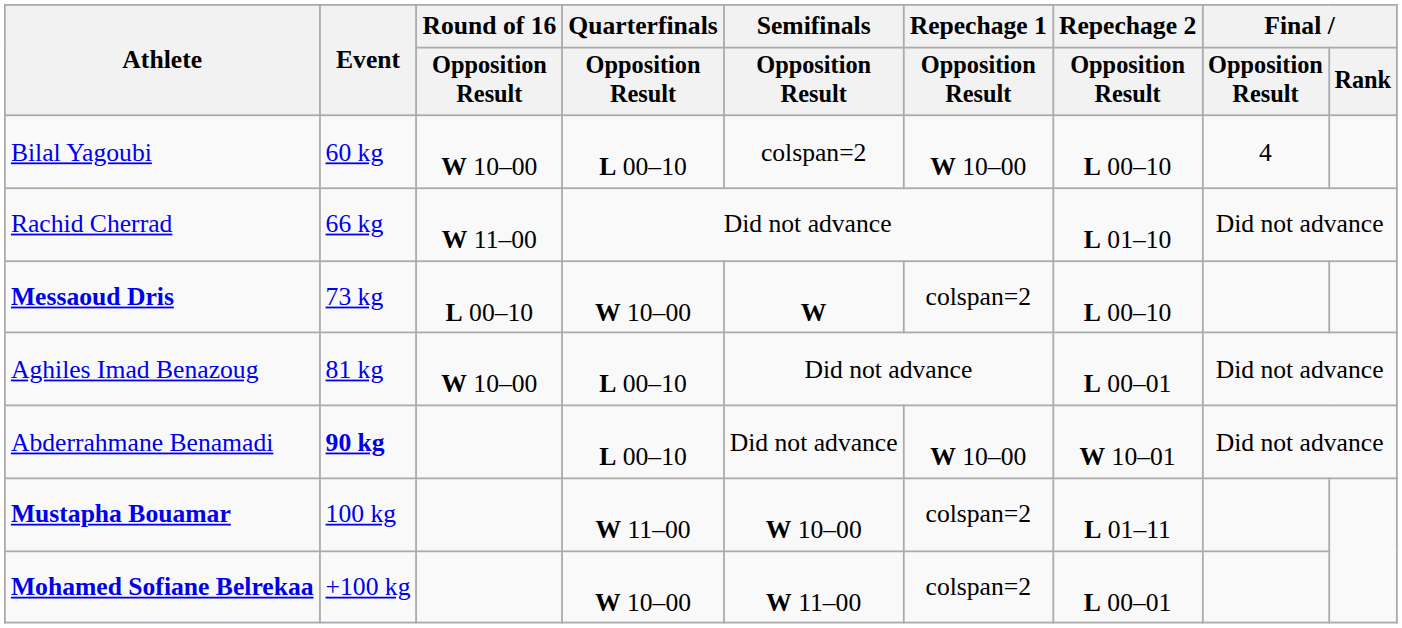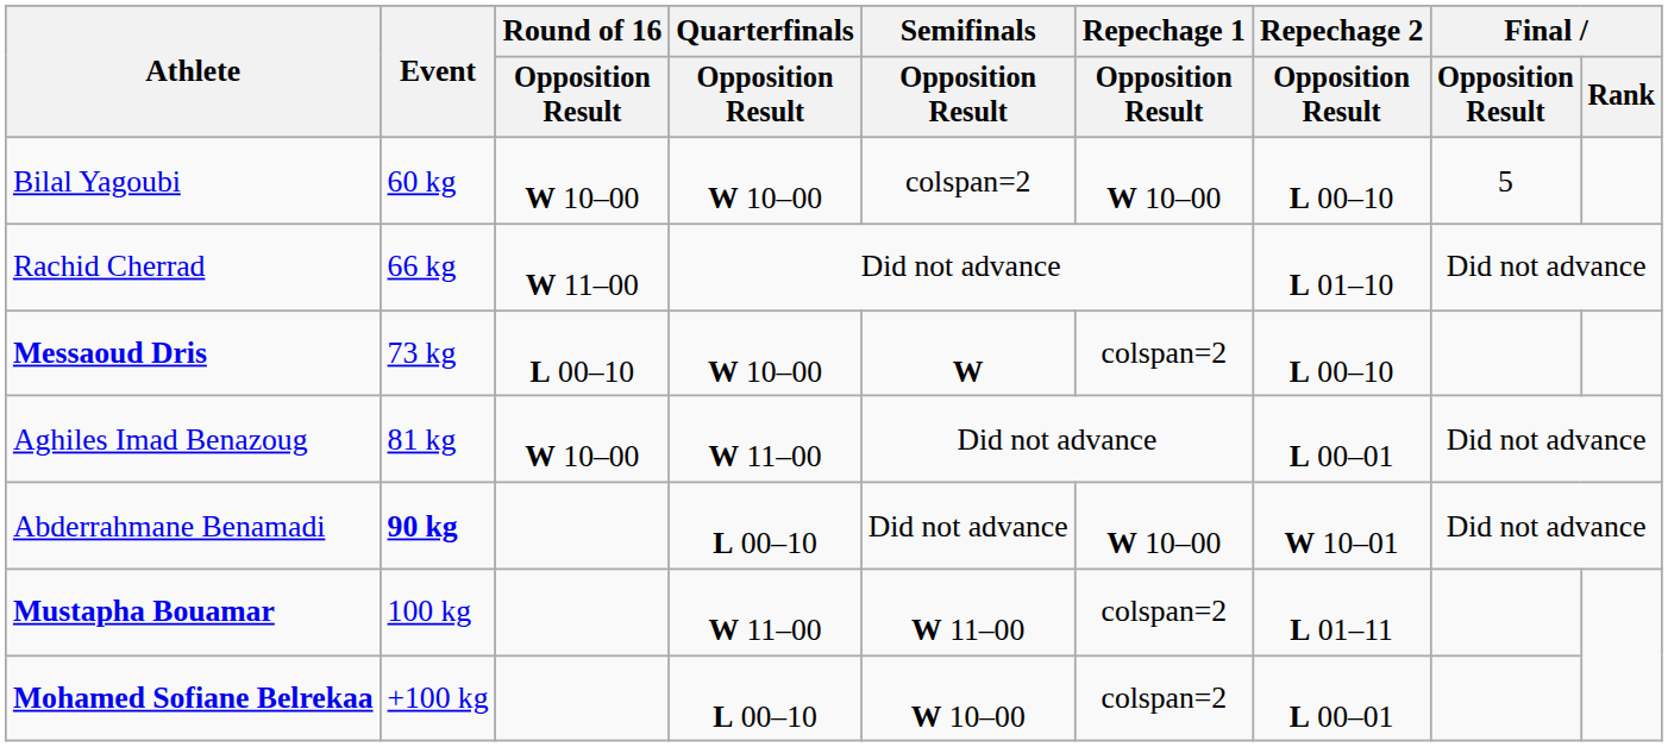 <table class="wikitable" style="font-size:90%">
 <tr>
 <th rowspan="2">Athlete</th>
 <th rowspan="2">Event</th>
 <th>Round of 16</th>
 <th>Quarterfinals</th>
 <th>Semifinals</th>
 <th>Repechage 1</th>
 <th>Repechage 2</th>
 <th colspan=2>Final / </th>
 </tr>
 <tr style="font-size:95%">
 <th>Opposition<br>Result</th>
 <th>Opposition<br>Result</th>
 <th>Opposition<br>Result</th>
 <th>Opposition<br>Result</th>
 <th>Opposition<br>Result</th>
 <th>Opposition<br>Result</th>
 <th>Rank</th>
 </tr>
 <tr align=center>
 <td align=left><a href='#'>Bilal Yagoubi</a></td>
 <td align=left><a href='#'>60 kg</a></td>
 <td><br><strong>W</strong> 10–00</td>
-<td><br><strong>L</strong> 00–10</td>
+<td><br><strong>W</strong> 10–00</td>
 <td>colspan=2 </td>
 <td><br><strong>W</strong> 10–00</td>
 <td><br><strong>L</strong> 00–10</td>
-<td>4</td>
+<td>5</td>
 </tr>
 <tr align=center>
 <td align=left><a href='#'>Rachid Cherrad</a></td>
 <td align=left><a href='#'>66 kg</a></td>
 <td><br><strong>W</strong> 11–00</td>
 <td colspan=3>Did not advance</td>
 <td><br><strong>L</strong> 01–10</td>
 <td colspan=2>Did not advance</td>
 </tr>
 <tr align=center>
 <td align=left><strong><a href='#'>Messaoud Dris</a></strong></td>
 <td align=left><a href='#'>73 kg</a></td>
 <td><br><strong>L</strong> 00–10</td>
 <td><br><strong>W</strong> 10–00</td>
 <td><br><strong>W</strong></td>
 <td>colspan=2 </td>
 <td><br><strong>L</strong> 00–10</td>
 <td></td>
 </tr>
 <tr align=center>
 <td align=left><a href='#'>Aghiles Imad Benazoug</a></td>
 <td align=left><a href='#'>81 kg</a></td>
 <td><br><strong>W</strong> 10–00</td>
-<td><br><strong>L</strong> 00–10</td>
+<td><br><strong>W</strong> 11–00</td>
 <td colspan=2>Did not advance</td>
 <td><br><strong>L</strong> 00–01</td>
 <td colspan=2>Did not advance</td>
 </tr>
 <tr align=center>
 <td align=left><a href='#'>Abderrahmane Benamadi</a></td>
 <td align=left><strong><a href='#'>90 kg</a></strong></td>
 <td></td>
 <td><br><strong>L</strong> 00–10</td>
 <td>Did not advance</td>
 <td><br><strong>W</strong> 10–00</td>
 <td><br><strong>W</strong> 10–01</td>
 <td colspan=2>Did not advance</td>
 </tr>
 <tr align=center>
 <td align=left><strong><a href='#'>Mustapha Bouamar</a></strong></td>
 <td align=left><a href='#'>100 kg</a></td>
 <td></td>
 <td><br><strong>W</strong> 11–00</td>
-<td><br><strong>W</strong> 10–00</td>
+<td><br><strong>W</strong> 11–00</td>
 <td>colspan=2 </td>
 <td><br><strong>L</strong> 01–11</td>
 <td></td>
 </tr>
 <tr align=center>
 <td align=left><strong><a href='#'>Mohamed Sofiane Belrekaa</a></strong></td>
 <td align=left><a href='#'>+100 kg</a></td>
 <td></td>
+<td><br><strong>L</strong> 00–10</td>
 <td><br><strong>W</strong> 10–00</td>
-<td><br><strong>W</strong> 11–00</td>
 <td>colspan=2 </td>
 <td><br><strong>L</strong> 00–01</td>
 <td></td>
 </tr>
 </table>
